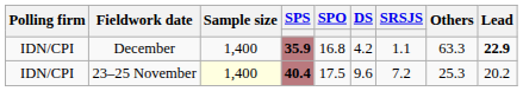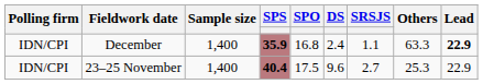 <table class="wikitable" style="text-align:center; font-size:85%; line-height:16px; margin-bottom:0">
 <tr>
 <th rowspan="2">Polling firm</th>
 <th rowspan="2">Fieldwork date</th>
 <th rowspan="2">Sample size</th>
 <th><a href='#'>SPS</a></th>
 <th><a href='#'>SPO</a></th>
 <th><a href='#'>DS</a></th>
 <th><a href='#'>SRSJS</a></th>
 <th rowspan="2">Others</th>
 <th rowspan="2">Lead</th>
 </tr>
 <tr>
 <th style="background:"></th>
 <th style="background:"></th>
 <th style="background:"></th>
 <th style="background:"></th>
 </tr>
 <tr>
 <td>IDN/CPI</td>
 <td>December</td>
 <td>1,400</td>
 <td style="background:#ba797e"><strong>35.9</strong></td>
 <td>16.8</td>
-<td>4.2</td>
+<td>2.4</td>
 <td>1.1</td>
 <td>63.3</td>
 <td style="background:"><strong>22.9</strong></td>
 </tr>
 <tr>
 <td>IDN/CPI</td>
 <td>23–25 November</td>
-<td style="background: lightyellow;">1,400</td>
+<td>1,400</td>
 <td style="background:#ba797e"><strong>40.4</strong></td>
 <td>17.5</td>
 <td>9.6</td>
-<td>7.2</td>
+<td>2.7</td>
 <td>25.3</td>
-<td style="background:">20.2</td>
+<td style="background:">22.9</td>
 </tr>
 </table>
